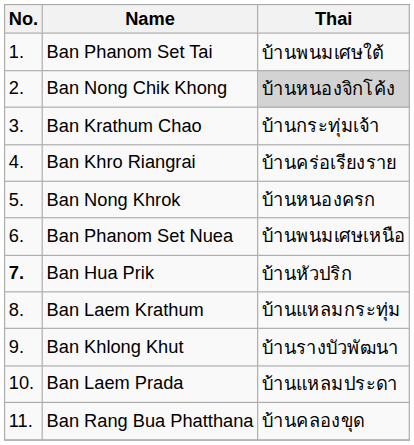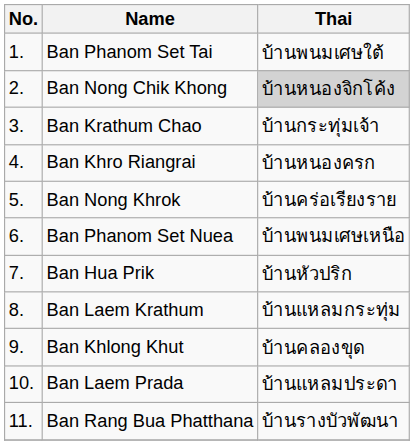 <table class="wikitable sortable">
 <tr>
 <th>No.</th>
 <th>Name</th>
 <th>Thai</th>
 </tr>
 <tr>
 <td>1.</td>
 <td>Ban Phanom Set Tai</td>
 <td>บ้านพนมเศษใต้</td>
 </tr>
 <tr>
 <td>2.</td>
 <td>Ban Nong Chik Khong</td>
 <td style="background: lightgrey;">บ้านหนองจิกโค้ง</td>
 </tr>
 <tr>
 <td>3.</td>
 <td>Ban Krathum Chao</td>
 <td>บ้านกระทุ่มเจ้า</td>
 </tr>
 <tr>
 <td>4.</td>
 <td>Ban Khro Riangrai</td>
-<td>บ้านคร่อเรียงราย</td>
+<td>บ้านหนองครก</td>
 </tr>
 <tr>
 <td>5.</td>
 <td>Ban Nong Khrok</td>
-<td>บ้านหนองครก</td>
+<td>บ้านคร่อเรียงราย</td>
 </tr>
 <tr>
 <td>6.</td>
 <td>Ban Phanom Set Nuea</td>
 <td>บ้านพนมเศษเหนือ</td>
 </tr>
 <tr>
-<td><strong>7.</strong></td>
+<td>7.</td>
 <td>Ban Hua Prik</td>
 <td>บ้านหัวปริก</td>
 </tr>
 <tr>
 <td>8.</td>
 <td>Ban Laem Krathum</td>
 <td>บ้านแหลมกระทุ่ม</td>
 </tr>
 <tr>
 <td>9.</td>
 <td>Ban Khlong Khut</td>
-<td>บ้านรางบัวพัฒนา</td>
+<td>บ้านคลองขุด</td>
 </tr>
 <tr>
 <td>10.</td>
 <td>Ban Laem Prada</td>
 <td>บ้านแหลมประดา</td>
 </tr>
 <tr>
 <td>11.</td>
 <td>Ban Rang Bua Phatthana</td>
-<td>บ้านคลองขุด</td>
+<td>บ้านรางบัวพัฒนา</td>
 </tr>
 <tr>
 </tr>
 </table>
